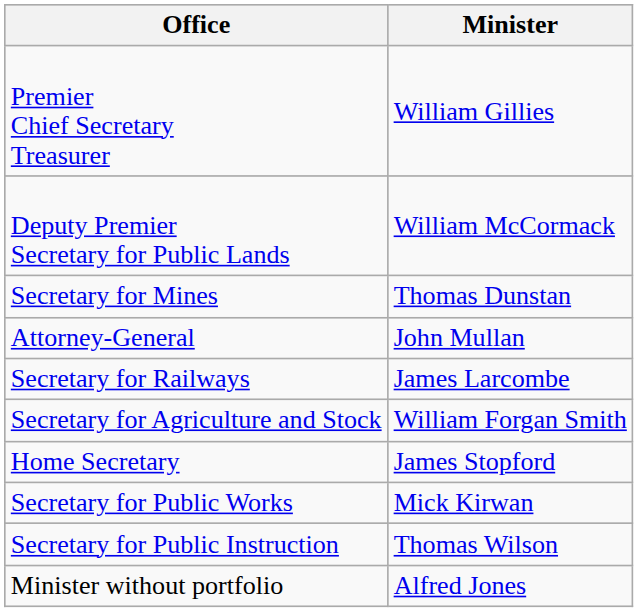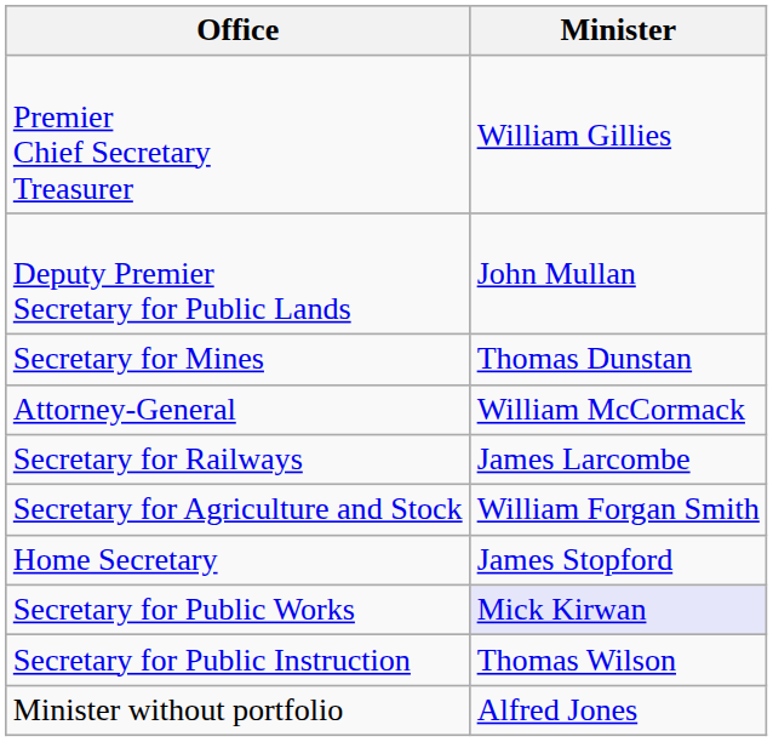 <table class="wikitable">
 <tr>
 <th>Office</th>
 <th>Minister</th>
 </tr>
 <tr>
 <td><br><a href='#'>Premier</a><br> <a href='#'>Chief Secretary</a><br> <a href='#'>Treasurer</a><br></td>
 <td><a href='#'>William Gillies</a></td>
 </tr>
 <tr>
 <td><br><a href='#'>Deputy Premier</a><br> <a href='#'>Secretary for Public Lands</a></td>
-<td><a href='#'>William McCormack</a></td>
+<td><a href='#'>John Mullan</a></td>
 </tr>
 <tr>
 <td><a href='#'>Secretary for Mines</a></td>
 <td><a href='#'>Thomas Dunstan</a></td>
 </tr>
 <tr>
 <td><a href='#'>Attorney-General</a></td>
-<td><a href='#'>John Mullan</a></td>
+<td><a href='#'>William McCormack</a></td>
 </tr>
 <tr>
 <td><a href='#'>Secretary for Railways</a><br></td>
 <td><a href='#'>James Larcombe</a></td>
 </tr>
 <tr>
 <td><a href='#'>Secretary for Agriculture and Stock</a></td>
 <td><a href='#'>William Forgan Smith</a></td>
 </tr>
 <tr>
 <td><a href='#'>Home Secretary</a></td>
 <td><a href='#'>James Stopford</a></td>
 </tr>
 <tr>
 <td><a href='#'>Secretary for Public Works</a></td>
-<td><a href='#'>Mick Kirwan</a></td>
+<td style="background: lavender;"><a href='#'>Mick Kirwan</a></td>
 </tr>
 <tr>
 <td><a href='#'>Secretary for Public Instruction</a></td>
 <td><a href='#'>Thomas Wilson</a></td>
 </tr>
 <tr>
 <td>Minister without portfolio</td>
 <td><a href='#'>Alfred Jones</a></td>
 </tr>
 </table>
